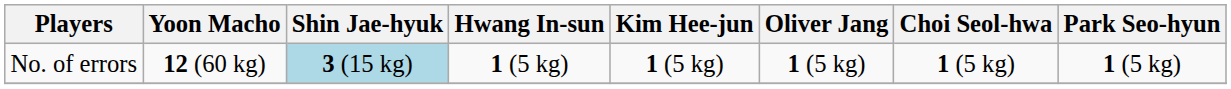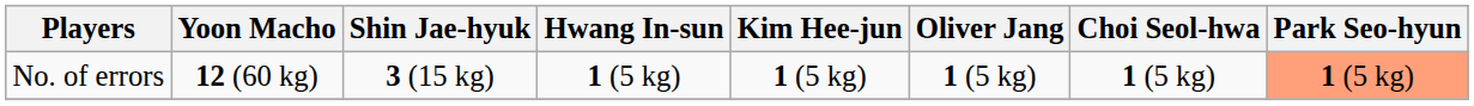 <table class="wikitable plainrowheaders" style="text-align:center">
 <tr>
 <th>Players</th>
 <th><span>Yoon Macho</span></th>
 <th><span>Shin Jae-hyuk</span></th>
 <th><span>Hwang In-sun</span></th>
 <th><span>Kim Hee-jun</span></th>
 <th><span>Oliver Jang</span></th>
 <th><span>Choi Seol-hwa</span></th>
 <th><span>Park Seo-hyun</span></th>
 </tr>
 <tr>
 <td>No. of errors</td>
 <td><strong>12</strong> (60 kg)</td>
-<td style="background: lightblue;"><strong>3</strong> (15 kg)</td>
+<td><strong>3</strong> (15 kg)</td>
 <td><strong>1</strong> (5 kg)</td>
 <td><strong>1</strong> (5 kg)</td>
 <td><strong>1</strong> (5 kg)</td>
 <td><strong>1</strong> (5 kg)</td>
-<td><strong>1</strong> (5 kg)</td>
+<td style="background: lightsalmon;"><strong>1</strong> (5 kg)</td>
 </tr>
 <tr>
 </tr>
 </table>
